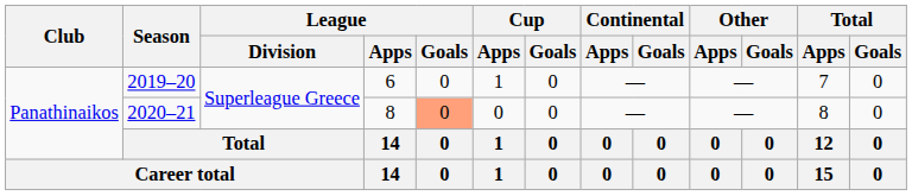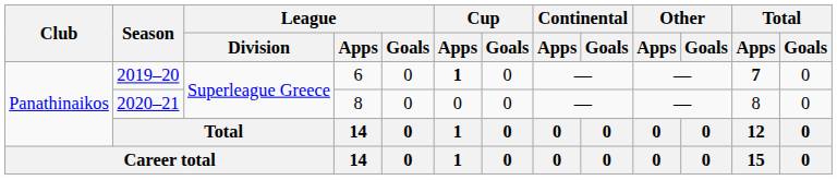 <table class="wikitable" style="text-align:center">
 <tr>
 <th rowspan="2">Club</th>
 <th rowspan="2">Season</th>
 <th colspan="3">League</th>
 <th colspan="2">Cup</th>
 <th colspan="2">Continental</th>
 <th colspan="2">Other</th>
 <th colspan="2">Total</th>
 </tr>
 <tr>
 <th>Division</th>
 <th>Apps</th>
 <th>Goals</th>
 <th>Apps</th>
 <th>Goals</th>
 <th>Apps</th>
 <th>Goals</th>
 <th>Apps</th>
 <th>Goals</th>
 <th>Apps</th>
 <th>Goals</th>
 </tr>
 <tr>
 <td rowspan="3"><a href='#'>Panathinaikos</a></td>
 <td><a href='#'>2019–20</a></td>
 <td rowspan="2"><a href='#'>Superleague Greece</a></td>
 <td>6</td>
 <td>0</td>
-<td>1</td>
+<td><strong>1</strong></td>
 <td>0</td>
 <td colspan="2">—</td>
 <td colspan="2">—</td>
-<td>7</td>
+<td><strong>7</strong></td>
 <td>0</td>
 </tr>
 <tr>
 <td><a href='#'>2020–21</a></td>
 <td>8</td>
-<td style="background: lightsalmon;">0</td>
+<td>0</td>
 <td>0</td>
 <td>0</td>
 <td colspan="2">—</td>
 <td colspan="2">—</td>
 <td>8</td>
 <td>0</td>
 </tr>
 <tr>
 <th colspan="2">Total</th>
 <th>14</th>
 <th>0</th>
 <th>1</th>
 <th>0</th>
 <th>0</th>
 <th>0</th>
 <th>0</th>
 <th>0</th>
 <th>12</th>
 <th>0</th>
 </tr>
 <tr>
 <th colspan="3">Career total</th>
 <th>14</th>
 <th>0</th>
 <th>1</th>
 <th>0</th>
 <th>0</th>
 <th>0</th>
 <th>0</th>
 <th>0</th>
 <th>15</th>
 <th>0</th>
 </tr>
 </table>
